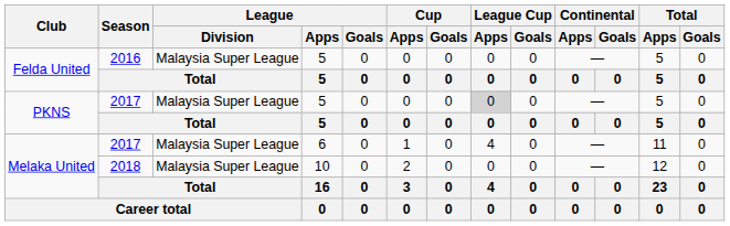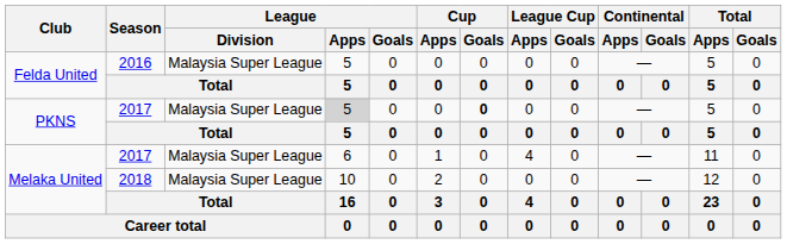 <table class=wikitable style="text-align: center">
 <tr>
 <th rowspan=2>Club</th>
 <th rowspan=2>Season</th>
 <th colspan=3>League</th>
 <th colspan=2>Cup</th>
 <th colspan=2>League Cup</th>
 <th colspan=2>Continental</th>
 <th colspan=2>Total</th>
 </tr>
 <tr>
 <th>Division</th>
 <th>Apps</th>
 <th>Goals</th>
 <th>Apps</th>
 <th>Goals</th>
 <th>Apps</th>
 <th>Goals</th>
 <th>Apps</th>
 <th>Goals</th>
 <th>Apps</th>
 <th>Goals</th>
 </tr>
 <tr>
 <td rowspan=2><a href='#'>Felda United</a></td>
 <td><a href='#'>2016</a></td>
 <td>Malaysia Super League</td>
 <td>5</td>
 <td>0</td>
 <td>0</td>
 <td>0</td>
 <td>0</td>
 <td>0</td>
 <td colspan="2">—</td>
 <td>5</td>
 <td>0</td>
 </tr>
 <tr>
 <th colspan=2>Total</th>
 <th>5</th>
 <th>0</th>
 <th>0</th>
 <th>0</th>
 <th>0</th>
 <th>0</th>
 <th>0</th>
 <th>0</th>
 <th>5</th>
 <th>0</th>
 </tr>
 <tr>
 <td rowspan=2><a href='#'>PKNS</a></td>
 <td><a href='#'>2017</a></td>
 <td>Malaysia Super League</td>
-<td>5</td>
+<td style="background: lightgrey;">5</td>
 <td>0</td>
 <td>0</td>
+<td><strong>0</strong></td>
 <td>0</td>
-<td style="background: lightgrey;">0</td>
 <td>0</td>
 <td colspan="2">—</td>
 <td>5</td>
 <td>0</td>
 </tr>
 <tr>
 <th colspan=2>Total</th>
 <th>5</th>
 <th>0</th>
 <th>0</th>
 <th>0</th>
 <th>0</th>
 <th>0</th>
 <th>0</th>
 <th>0</th>
 <th>5</th>
 <th>0</th>
 </tr>
 <tr>
 <td rowspan=3><a href='#'>Melaka United</a></td>
 <td><a href='#'>2017</a></td>
 <td>Malaysia Super League</td>
 <td>6</td>
 <td>0</td>
 <td>1</td>
 <td>0</td>
 <td>4</td>
 <td>0</td>
 <td colspan="2">—</td>
 <td>11</td>
 <td>0</td>
 </tr>
 <tr>
 <td><a href='#'>2018</a></td>
 <td>Malaysia Super League</td>
 <td>10</td>
 <td>0</td>
 <td>2</td>
 <td>0</td>
 <td>0</td>
 <td>0</td>
 <td colspan="2">—</td>
 <td>12</td>
 <td>0</td>
 </tr>
 <tr>
 <th colspan=2>Total</th>
 <th>16</th>
 <th>0</th>
 <th>3</th>
 <th>0</th>
 <th>4</th>
 <th>0</th>
 <th>0</th>
 <th>0</th>
 <th>23</th>
 <th>0</th>
 </tr>
 <tr>
 <th colspan=3>Career total</th>
 <th>0</th>
 <th>0</th>
 <th>0</th>
 <th>0</th>
 <th>0</th>
 <th>0</th>
 <th>0</th>
 <th>0</th>
 <th>0</th>
 <th>0</th>
 </tr>
 </table>
